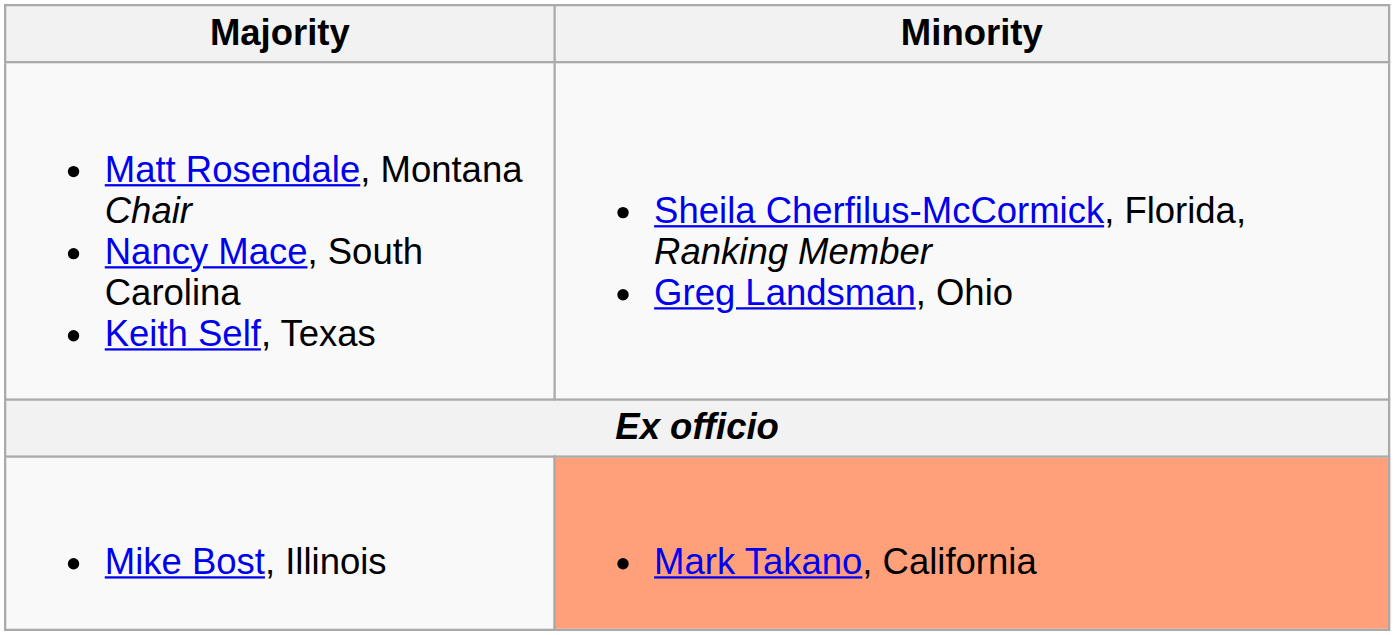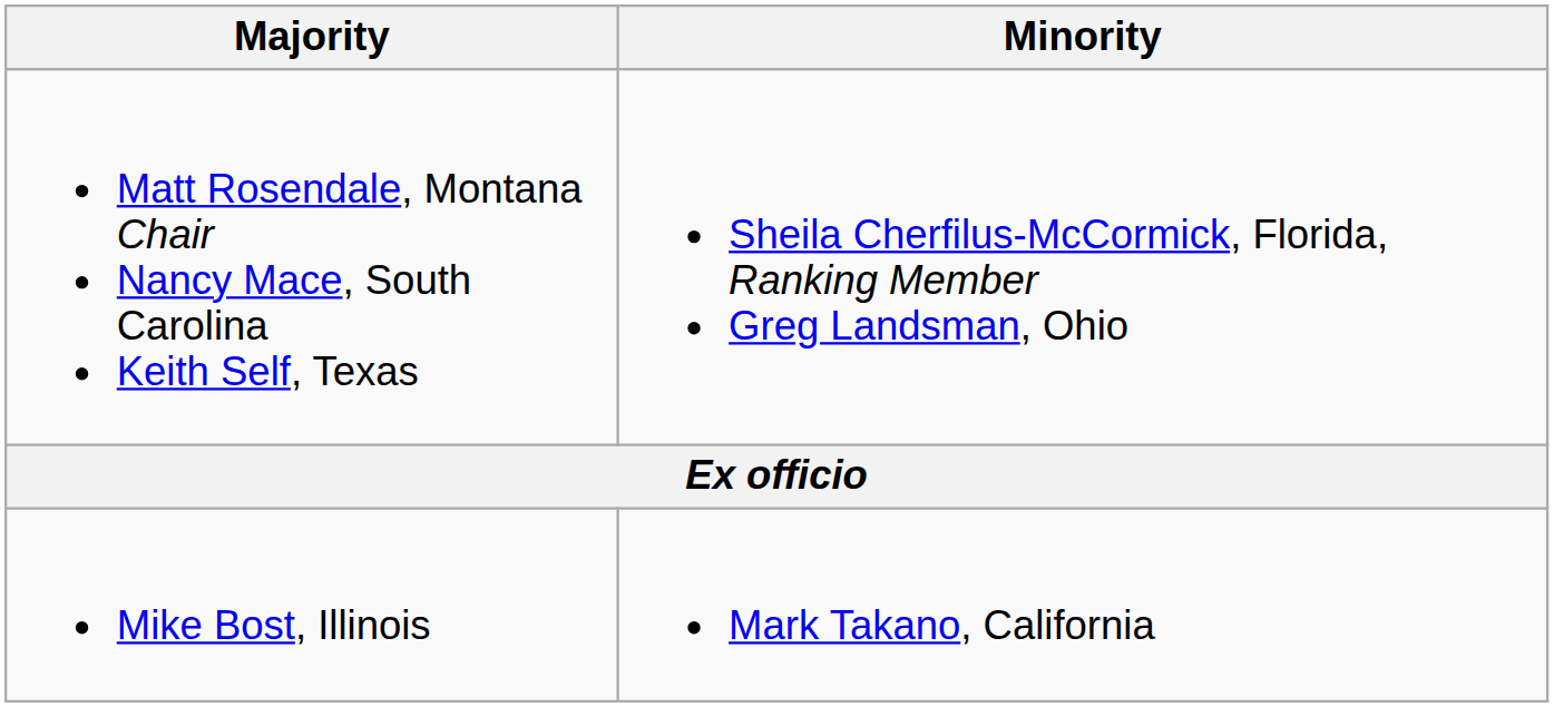 <table class="wikitable">
 <tr>
 <th>Majority</th>
 <th>Minority</th>
 </tr>
 <tr>
 <td><br><ul><li><a href='#'>Matt Rosendale</a>, Montana <em>Chair</em></li><li><a href='#'>Nancy Mace</a>, South Carolina</li><li><a href='#'>Keith Self</a>, Texas</li></ul></td>
 <td><br><ul><li><a href='#'>Sheila Cherfilus-McCormick</a>, Florida, <em>Ranking Member</em></li><li><a href='#'>Greg Landsman</a>, Ohio</li></ul></td>
 </tr>
 <tr>
 <th colspan=2><em>Ex officio</em></th>
 </tr>
 <tr>
 <td><br><ul><li><a href='#'>Mike Bost</a>, Illinois</li></ul></td>
-<td style="background: lightsalmon;"><br><ul><li><a href='#'>Mark Takano</a>, California</li></ul></td>
+<td><br><ul><li><a href='#'>Mark Takano</a>, California</li></ul></td>
 </tr>
 </table>
